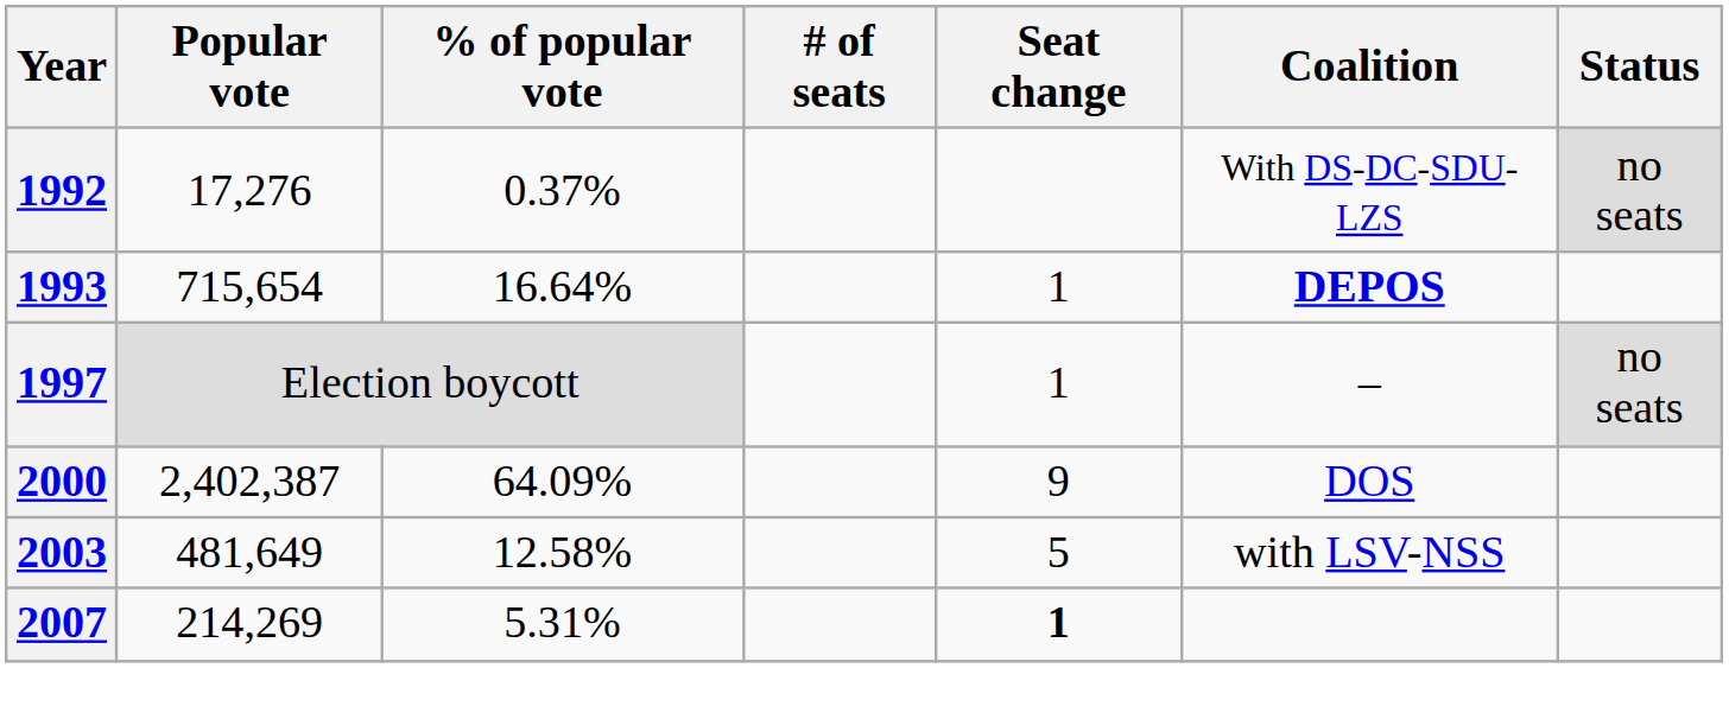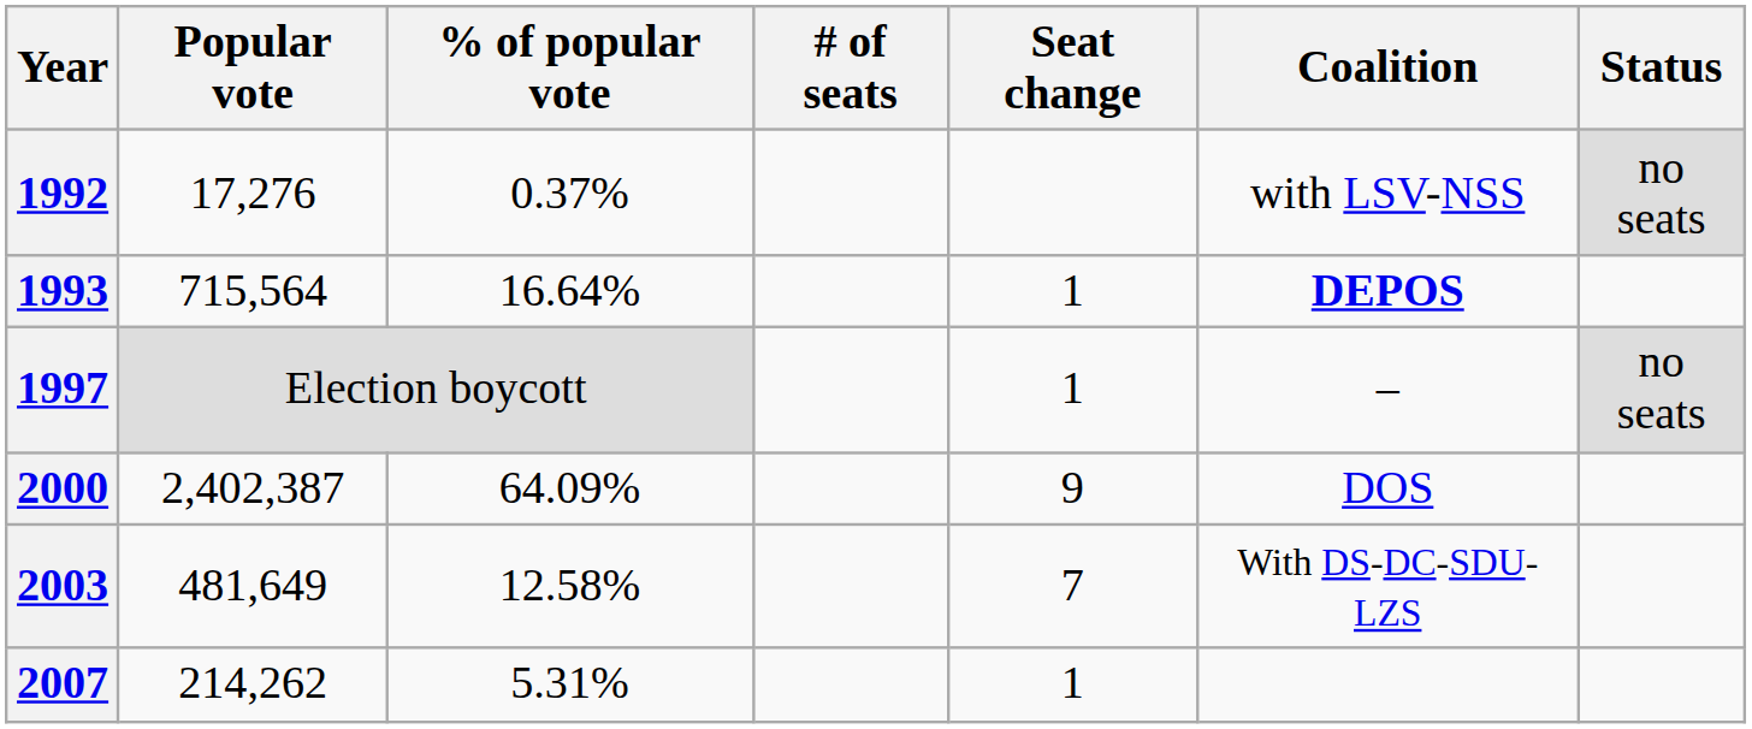 <table class="wikitable sortable" style="text-align:center">
 <tr>
 <th>Year</th>
 <th>Popular vote</th>
 <th>% of popular vote</th>
 <th># of seats</th>
 <th>Seat change</th>
 <th>Coalition</th>
 <th>Status</th>
 </tr>
 <tr>
 <th><a href='#'>1992</a></th>
 <td>17,276</td>
 <td>0.37%</td>
 <td></td>
 <td></td>
-<td><small>With <a href='#'>DS</a>-<a href='#'>DC</a>-<a href='#'>SDU</a>-<a href='#'>LZS</a></small></td>
+<td>with <a href='#'>LSV</a>-<a href='#'>NSS</a></td>
 <td style="background:#ddd;">no seats</td>
 </tr>
 <tr>
 <th><a href='#'>1993</a></th>
-<td>715,654</td>
+<td>715,564</td>
 <td>16.64%</td>
 <td></td>
 <td> 1</td>
 <td><strong><a href='#'>DEPOS</a></strong></td>
 <td></td>
 </tr>
 <tr>
 <th><a href='#'>1997</a></th>
 <td colspan=2 style="background:#ddd;">Election boycott</td>
 <td></td>
 <td> 1</td>
 <td>–</td>
 <td style="background:#ddd;">no seats</td>
 </tr>
 <tr>
 <th><a href='#'>2000</a></th>
 <td>2,402,387</td>
 <td>64.09%</td>
 <td></td>
 <td> 9</td>
 <td><a href='#'>DOS</a></td>
 <td></td>
 </tr>
 <tr>
 <th><a href='#'>2003</a></th>
 <td>481,649</td>
 <td>12.58%</td>
 <td></td>
-<td> 5</td>
-<td>with <a href='#'>LSV</a>-<a href='#'>NSS</a></td>
+<td> 7</td>
+<td><small>With <a href='#'>DS</a>-<a href='#'>DC</a>-<a href='#'>SDU</a>-<a href='#'>LZS</a></small></td>
 <td></td>
 </tr>
 <tr>
 <th><a href='#'>2007</a></th>
-<td>214,269</td>
+<td>214,262</td>
 <td>5.31%</td>
 <td></td>
-<td><strong> 1</strong></td>
+<td> 1</td>
 <td></td>
 <td></td>
 </tr>
 </table>
